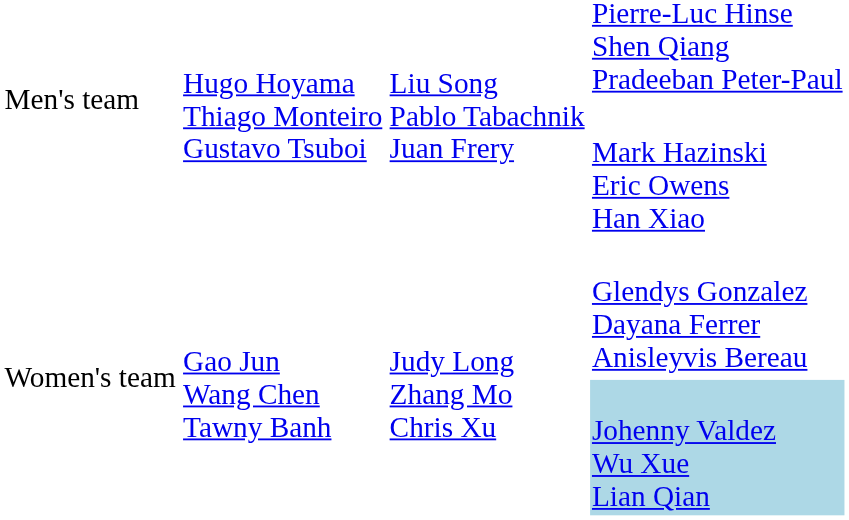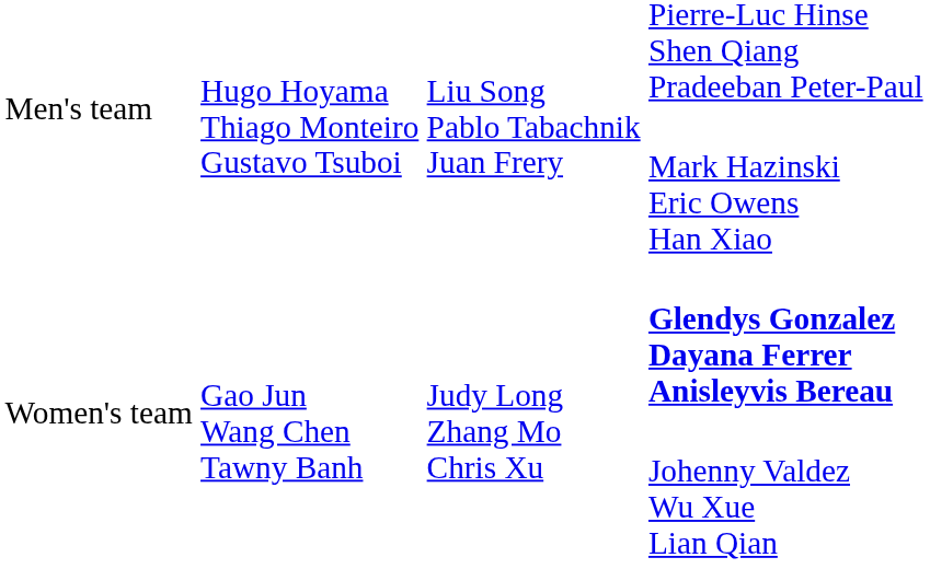 <table>
 <tr>
 <td rowspan=2>Men's team<br></td>
 <td rowspan=2><br><a href='#'>Hugo Hoyama</a><br><a href='#'>Thiago Monteiro</a><br><a href='#'>Gustavo Tsuboi</a></td>
 <td rowspan=2><br><a href='#'>Liu Song</a><br><a href='#'>Pablo Tabachnik</a><br><a href='#'>Juan Frery</a></td>
 <td><br><a href='#'>Pierre-Luc Hinse</a><br><a href='#'>Shen Qiang</a><br><a href='#'>Pradeeban Peter-Paul</a></td>
 </tr>
 <tr>
 <td><br><a href='#'>Mark Hazinski</a><br><a href='#'>Eric Owens</a><br><a href='#'>Han Xiao</a></td>
 </tr>
 <tr>
 <td rowspan=2>Women's team<br></td>
 <td rowspan=2><br><a href='#'>Gao Jun</a><br><a href='#'>Wang Chen</a><br><a href='#'>Tawny Banh</a></td>
 <td rowspan=2><br><a href='#'>Judy Long</a><br><a href='#'>Zhang Mo</a><br><a href='#'>Chris Xu</a></td>
-<td><br><a href='#'>Glendys Gonzalez</a><br><a href='#'>Dayana Ferrer</a><br><a href='#'>Anisleyvis Bereau</a></td>
+<td><strong><br><a href='#'>Glendys Gonzalez</a><br><a href='#'>Dayana Ferrer</a><br><a href='#'>Anisleyvis Bereau</a></strong></td>
 </tr>
 <tr>
-<td style="background: lightblue;"><br><a href='#'>Johenny Valdez</a><br><a href='#'>Wu Xue</a><br><a href='#'>Lian Qian</a></td>
+<td><br><a href='#'>Johenny Valdez</a><br><a href='#'>Wu Xue</a><br><a href='#'>Lian Qian</a></td>
 </tr>
 </table>
